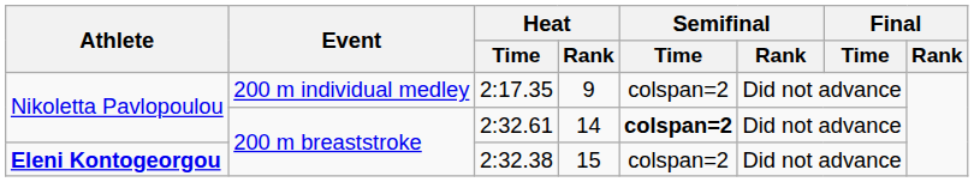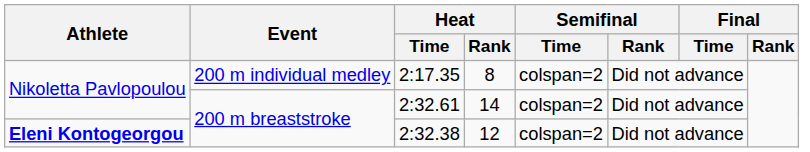 <table class=wikitable style="font-size:90%">
 <tr>
 <th rowspan=2>Athlete</th>
 <th rowspan=2>Event</th>
 <th colspan="2">Heat</th>
 <th colspan="2">Semifinal</th>
 <th colspan="2">Final</th>
 </tr>
 <tr style="font-size:95%">
 <th>Time</th>
 <th>Rank</th>
 <th>Time</th>
 <th>Rank</th>
 <th>Time</th>
 <th>Rank</th>
 </tr>
 <tr align=center>
 <td align=left rowspan=2><a href='#'>Nikoletta Pavlopoulou</a></td>
 <td align=left><a href='#'>200 m individual medley</a></td>
 <td>2:17.35</td>
-<td>9</td>
+<td>8</td>
 <td>colspan=2 </td>
 <td colspan=2>Did not advance</td>
 </tr>
 <tr align=center>
 <td align=left rowspan=2><a href='#'>200 m breaststroke</a></td>
 <td>2:32.61</td>
 <td>14</td>
-<td><strong>colspan=2 </strong></td>
+<td>colspan=2 </td>
 <td colspan=2>Did not advance</td>
 </tr>
 <tr align=center>
 <td align=left><strong><a href='#'>Eleni Kontogeorgou</a></strong></td>
 <td>2:32.38</td>
-<td>15</td>
+<td>12</td>
 <td>colspan=2 </td>
 <td colspan=2>Did not advance</td>
 </tr>
 </table>
